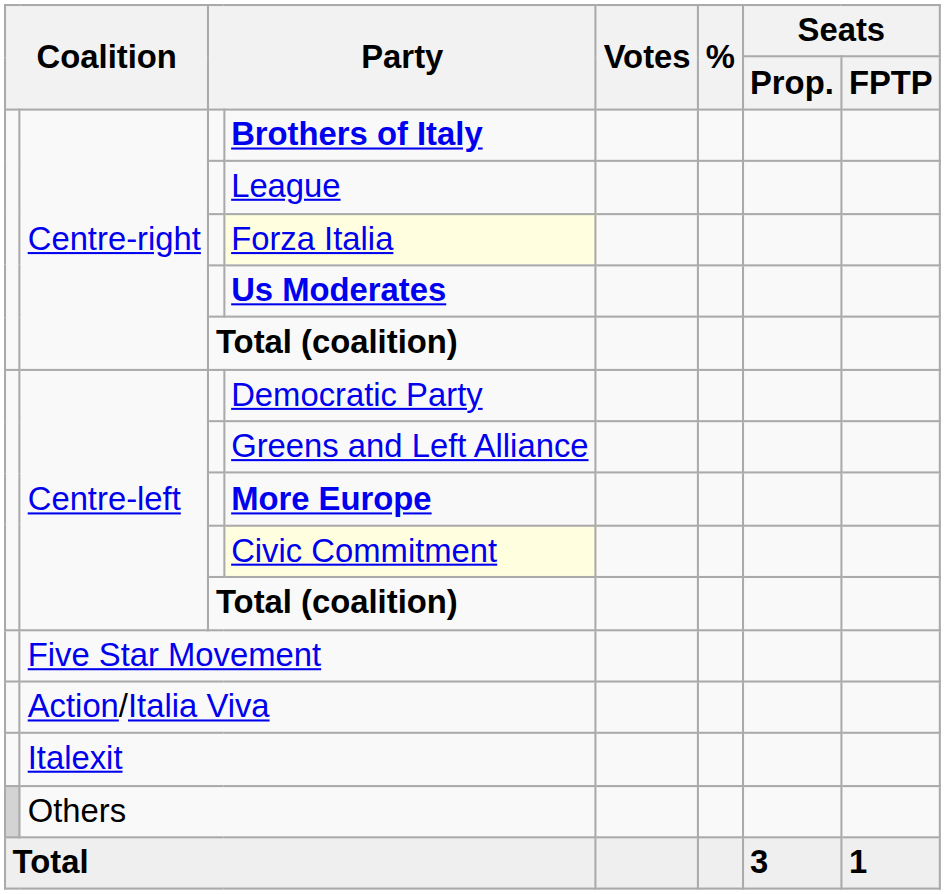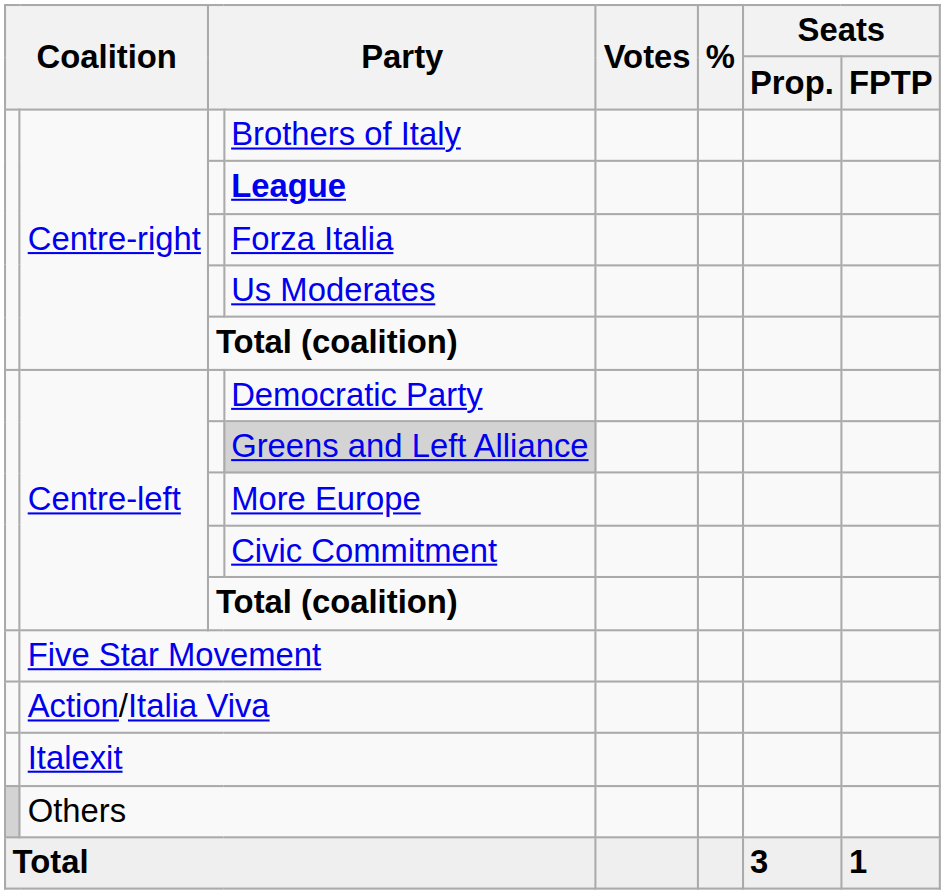 <table class="wikitable">
 <tr>
 <th colspan="2" rowspan="2">Coalition</th>
 <th colspan="2" rowspan="2">Party</th>
 <th rowspan="2">Votes</th>
 <th rowspan="2">%</th>
 <th colspan="2">Seats</th>
 </tr>
 <tr>
 <th>Prop.</th>
 <th>FPTP</th>
 </tr>
 <tr>
 <td rowspan="5"></td>
 <td rowspan="5"><a href='#'>Centre-right</a></td>
 <td></td>
-<td><strong><a href='#'>Brothers of Italy</a></strong></td>
+<td><a href='#'>Brothers of Italy</a></td>
 <td></td>
 <td></td>
 <td></td>
 <td></td>
 </tr>
 <tr>
 <td></td>
-<td><a href='#'>League</a></td>
+<td><strong><a href='#'>League</a></strong></td>
 <td></td>
 <td></td>
 <td></td>
 <td></td>
 </tr>
 <tr>
 <td></td>
-<td style="background: lightyellow;"><a href='#'>Forza Italia</a></td>
+<td><a href='#'>Forza Italia</a></td>
 <td></td>
 <td></td>
 <td></td>
 <td></td>
 </tr>
 <tr>
 <td></td>
-<td><strong><a href='#'>Us Moderates</a></strong></td>
+<td><a href='#'>Us Moderates</a></td>
 <td></td>
 <td></td>
 <td></td>
 <td></td>
 </tr>
 <tr>
 <td colspan="2"><strong>Total (coalition)</strong></td>
 <td></td>
 <td></td>
 <td></td>
 <td></td>
 </tr>
 <tr>
 <td rowspan="5"></td>
 <td rowspan="5"><a href='#'>Centre-left</a></td>
 <td></td>
 <td><a href='#'>Democratic Party</a></td>
 <td></td>
 <td></td>
 <td></td>
 <td></td>
 </tr>
 <tr>
 <td></td>
-<td><a href='#'>Greens and Left Alliance</a></td>
+<td style="background: lightgrey;"><a href='#'>Greens and Left Alliance</a></td>
 <td></td>
 <td></td>
 <td></td>
 <td></td>
 </tr>
 <tr>
 <td></td>
-<td><strong><a href='#'>More Europe</a></strong></td>
+<td><a href='#'>More Europe</a></td>
 <td></td>
 <td></td>
 <td></td>
 <td></td>
 </tr>
 <tr>
 <td></td>
-<td style="background: lightyellow;"><a href='#'>Civic Commitment</a></td>
+<td><a href='#'>Civic Commitment</a></td>
 <td></td>
 <td></td>
 <td></td>
 <td></td>
 </tr>
 <tr>
 <td colspan="2"><strong>Total (coalition)</strong></td>
 <td></td>
 <td></td>
 <td></td>
 <td></td>
 </tr>
 <tr>
 <td></td>
 <td colspan="3"><a href='#'>Five Star Movement</a></td>
 <td></td>
 <td></td>
 <td></td>
 <td></td>
 </tr>
 <tr>
 <td></td>
 <td colspan="3"><a href='#'>Action</a>/<a href='#'>Italia Viva</a></td>
 <td></td>
 <td></td>
 <td></td>
 <td></td>
 </tr>
 <tr>
 <td bgcolor=></td>
 <td colspan="3"><a href='#'>Italexit</a></td>
 <td></td>
 <td></td>
 <td></td>
 <td></td>
 </tr>
 <tr>
 <td bgcolor="lightgrey"></td>
 <td colspan="3">Others</td>
 <td></td>
 <td></td>
 <td></td>
 <td></td>
 </tr>
 <tr bgcolor="#efefef">
 <td colspan="4"><strong>Total</strong></td>
 <td></td>
 <td></td>
 <td><strong>3</strong></td>
 <td><strong>1</strong></td>
 </tr>
 </table>
